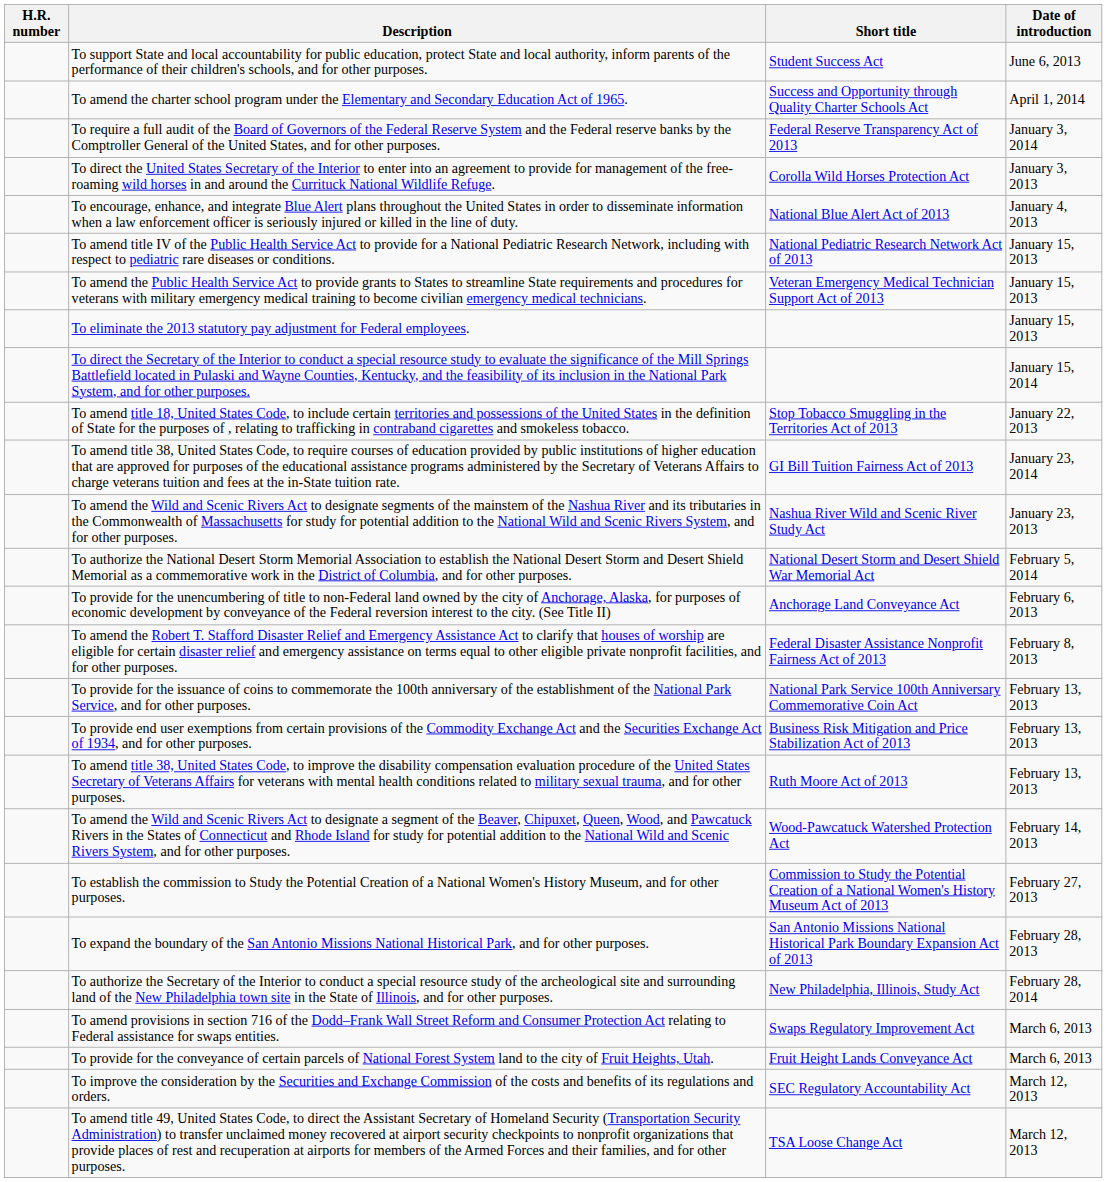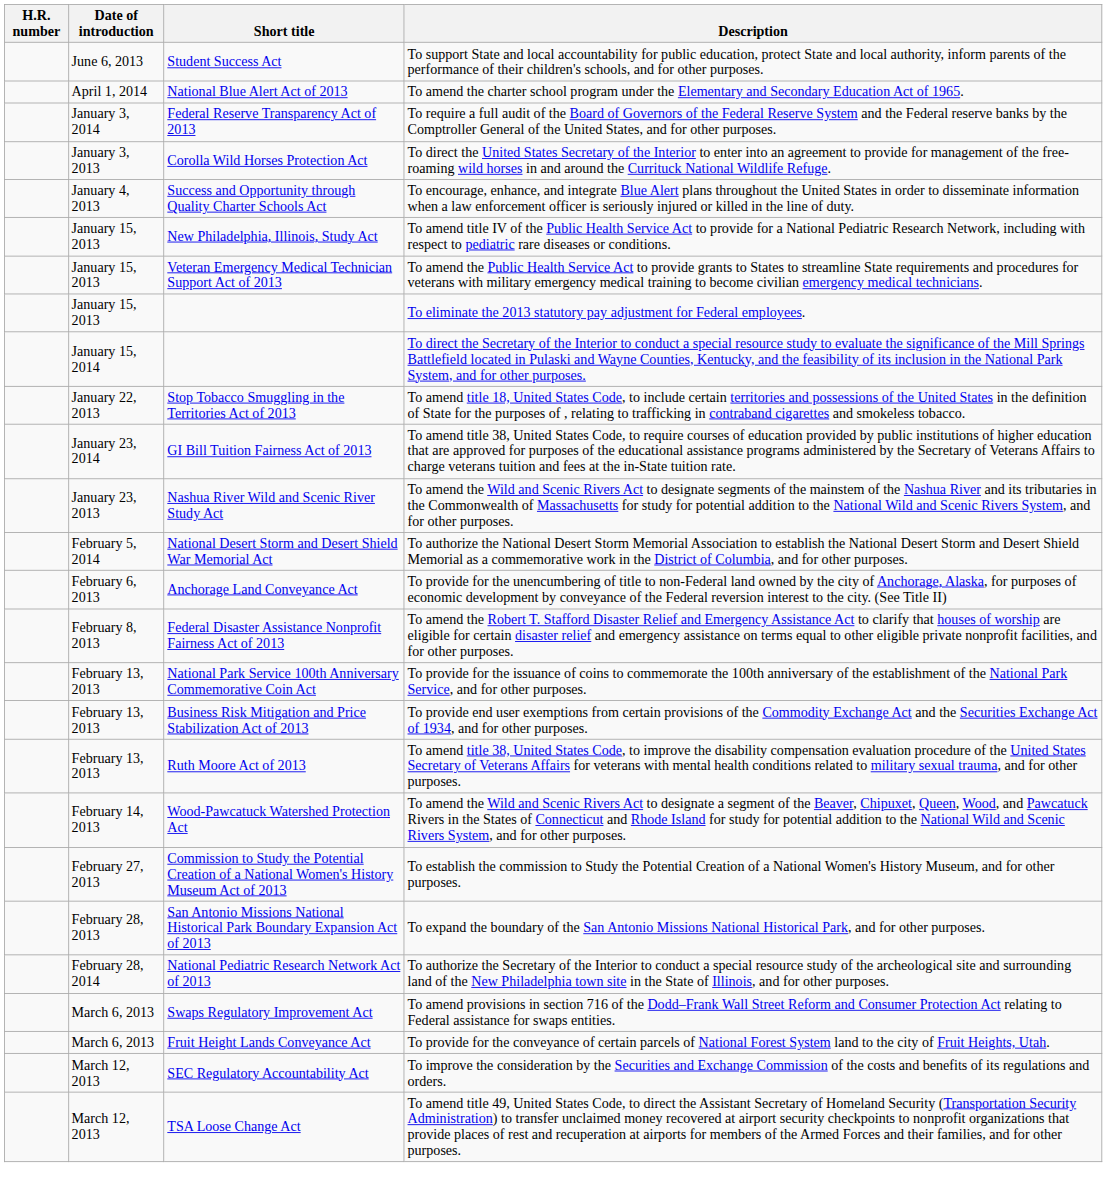 <table class="wikitable">
 <tr valign="bottom">
 <th>H.R. number</th>
+<th>Date of introduction</th>
+<th>Short title</th>
 <th>Description</th>
-<th>Short title</th>
-<th>Date of introduction</th>
 </tr>
 <tr>
 <td></td>
+<td>June 6, 2013</td>
+<td><a href='#'>Student Success Act</a></td>
 <td>To support State and local accountability for public education, protect State and local authority, inform parents of the performance of their children's schools, and for other purposes.</td>
-<td><a href='#'>Student Success Act</a></td>
-<td>June 6, 2013</td>
 </tr>
 <tr>
 <td></td>
+<td>April 1, 2014</td>
+<td><a href='#'>National Blue Alert Act of 2013</a></td>
 <td>To amend the charter school program under the <a href='#'>Elementary and Secondary Education Act of 1965</a>.</td>
-<td><a href='#'>Success and Opportunity through Quality Charter Schools Act</a></td>
-<td>April 1, 2014</td>
 </tr>
 <tr>
 <td></td>
+<td>January 3, 2014</td>
+<td><a href='#'>Federal Reserve Transparency Act of 2013</a></td>
 <td>To require a full audit of the <a href='#'>Board of Governors of the Federal Reserve System</a> and the Federal reserve banks by the Comptroller General of the United States, and for other purposes.</td>
-<td><a href='#'>Federal Reserve Transparency Act of 2013</a></td>
-<td>January 3, 2014</td>
 </tr>
 <tr>
 <td></td>
+<td>January 3, 2013</td>
+<td><a href='#'>Corolla Wild Horses Protection Act</a></td>
 <td>To direct the <a href='#'>United States Secretary of the Interior</a> to enter into an agreement to provide for management of the free-roaming <a href='#'>wild horses</a> in and around the <a href='#'>Currituck National Wildlife Refuge</a>.</td>
-<td><a href='#'>Corolla Wild Horses Protection Act</a></td>
-<td>January 3, 2013</td>
 </tr>
 <tr>
 <td></td>
+<td>January 4, 2013</td>
+<td><a href='#'>Success and Opportunity through Quality Charter Schools Act</a></td>
 <td>To encourage, enhance, and integrate <a href='#'>Blue Alert</a> plans throughout the United States in order to disseminate information when a law enforcement officer is seriously injured or killed in the line of duty.</td>
-<td><a href='#'>National Blue Alert Act of 2013</a></td>
-<td>January 4, 2013</td>
 </tr>
 <tr>
 <td></td>
+<td>January 15, 2013</td>
+<td><a href='#'>New Philadelphia, Illinois, Study Act</a></td>
 <td>To amend title IV of the <a href='#'>Public Health Service Act</a> to provide for a National Pediatric Research Network, including with respect to <a href='#'>pediatric</a> rare diseases or conditions.</td>
-<td><a href='#'>National Pediatric Research Network Act of 2013</a></td>
-<td>January 15, 2013</td>
 </tr>
 <tr>
 <td></td>
+<td>January 15, 2013</td>
+<td><a href='#'>Veteran Emergency Medical Technician Support Act of 2013</a></td>
 <td>To amend the <a href='#'>Public Health Service Act</a> to provide grants to States to streamline State requirements and procedures for veterans with military emergency medical training to become civilian <a href='#'>emergency medical technicians</a>.</td>
-<td><a href='#'>Veteran Emergency Medical Technician Support Act of 2013</a></td>
-<td>January 15, 2013</td>
 </tr>
 <tr>
 <td></td>
+<td>January 15, 2013</td>
+<td></td>
 <td><a href='#'>To eliminate the 2013 statutory pay adjustment for Federal employees</a>.</td>
-<td></td>
-<td>January 15, 2013</td>
 </tr>
 <tr>
 <td></td>
+<td>January 15, 2014</td>
+<td></td>
 <td><a href='#'>To direct the Secretary of the Interior to conduct a special resource study to evaluate the significance of the Mill Springs Battlefield located in Pulaski and Wayne Counties, Kentucky, and the feasibility of its inclusion in the National Park System, and for other purposes.</a></td>
-<td></td>
-<td>January 15, 2014</td>
 </tr>
 <tr>
 <td></td>
+<td>January 22, 2013</td>
+<td><a href='#'>Stop Tobacco Smuggling in the Territories Act of 2013</a></td>
 <td>To amend <a href='#'>title 18, United States Code</a>, to include certain <a href='#'>territories and possessions of the United States</a> in the definition of State for the purposes of , relating to trafficking in <a href='#'>contraband cigarettes</a> and smokeless tobacco.</td>
-<td><a href='#'>Stop Tobacco Smuggling in the Territories Act of 2013</a></td>
-<td>January 22, 2013</td>
 </tr>
 <tr>
 <td></td>
+<td>January 23, 2014</td>
+<td><a href='#'>GI Bill Tuition Fairness Act of 2013</a></td>
 <td>To amend title 38, United States Code, to require courses of education provided by public institutions of higher education that are approved for purposes of the educational assistance programs administered by the Secretary of Veterans Affairs to charge veterans tuition and fees at the in-State tuition rate.</td>
-<td><a href='#'>GI Bill Tuition Fairness Act of 2013</a></td>
-<td>January 23, 2014</td>
 </tr>
 <tr>
 <td></td>
+<td>January 23, 2013</td>
+<td><a href='#'>Nashua River Wild and Scenic River Study Act</a></td>
 <td>To amend the <a href='#'>Wild and Scenic Rivers Act</a> to designate segments of the mainstem of the <a href='#'>Nashua River</a> and its tributaries in the Commonwealth of <a href='#'>Massachusetts</a> for study for potential addition to the <a href='#'>National Wild and Scenic Rivers System</a>, and for other purposes.</td>
-<td><a href='#'>Nashua River Wild and Scenic River Study Act</a></td>
-<td>January 23, 2013</td>
 </tr>
 <tr>
 <td></td>
+<td>February 5, 2014</td>
+<td><a href='#'>National Desert Storm and Desert Shield War Memorial Act</a></td>
 <td>To authorize the National Desert Storm Memorial Association to establish the National Desert Storm and Desert Shield Memorial as a commemorative work in the <a href='#'>District of Columbia</a>, and for other purposes.</td>
-<td><a href='#'>National Desert Storm and Desert Shield War Memorial Act</a></td>
-<td>February 5, 2014</td>
 </tr>
 <tr>
 <td></td>
+<td>February 6, 2013</td>
+<td><a href='#'>Anchorage Land Conveyance Act</a></td>
 <td>To provide for the unencumbering of title to non-Federal land owned by the city of <a href='#'>Anchorage, Alaska</a>, for purposes of economic development by conveyance of the Federal reversion interest to the city. (See Title II)</td>
-<td><a href='#'>Anchorage Land Conveyance Act</a></td>
-<td>February 6, 2013</td>
 </tr>
 <tr>
 <td></td>
+<td>February 8, 2013</td>
+<td><a href='#'>Federal Disaster Assistance Nonprofit Fairness Act of 2013</a></td>
 <td>To amend the <a href='#'>Robert T. Stafford Disaster Relief and Emergency Assistance Act</a> to clarify that <a href='#'>houses of worship</a> are eligible for certain <a href='#'>disaster relief</a> and emergency assistance on terms equal to other eligible private nonprofit facilities, and for other purposes.</td>
-<td><a href='#'>Federal Disaster Assistance Nonprofit Fairness Act of 2013</a></td>
-<td>February 8, 2013</td>
 </tr>
 <tr>
 <td></td>
+<td>February 13, 2013</td>
+<td><a href='#'>National Park Service 100th Anniversary Commemorative Coin Act</a></td>
 <td>To provide for the issuance of coins to commemorate the 100th anniversary of the establishment of the <a href='#'>National Park Service</a>, and for other purposes.</td>
-<td><a href='#'>National Park Service 100th Anniversary Commemorative Coin Act</a></td>
-<td>February 13, 2013</td>
 </tr>
 <tr>
 <td></td>
+<td>February 13, 2013</td>
+<td><a href='#'>Business Risk Mitigation and Price Stabilization Act of 2013</a></td>
 <td>To provide end user exemptions from certain provisions of the <a href='#'>Commodity Exchange Act</a> and the <a href='#'>Securities Exchange Act of 1934</a>, and for other purposes.</td>
-<td><a href='#'>Business Risk Mitigation and Price Stabilization Act of 2013</a></td>
-<td>February 13, 2013</td>
 </tr>
 <tr>
 <td></td>
+<td>February 13, 2013</td>
+<td><a href='#'>Ruth Moore Act of 2013</a></td>
 <td>To amend <a href='#'>title 38, United States Code</a>, to improve the disability compensation evaluation procedure of the <a href='#'>United States Secretary of Veterans Affairs</a> for veterans with mental health conditions related to <a href='#'>military sexual trauma</a>, and for other purposes.</td>
-<td><a href='#'>Ruth Moore Act of 2013</a></td>
-<td>February 13, 2013</td>
 </tr>
 <tr>
 <td></td>
+<td>February 14, 2013</td>
+<td><a href='#'>Wood-Pawcatuck Watershed Protection Act</a></td>
 <td>To amend the <a href='#'>Wild and Scenic Rivers Act</a> to designate a segment of the <a href='#'>Beaver</a>, <a href='#'>Chipuxet</a>, <a href='#'>Queen</a>, <a href='#'>Wood</a>, and <a href='#'>Pawcatuck</a> Rivers in the States of <a href='#'>Connecticut</a> and <a href='#'>Rhode Island</a> for study for potential addition to the <a href='#'>National Wild and Scenic Rivers System</a>, and for other purposes.</td>
-<td><a href='#'>Wood-Pawcatuck Watershed Protection Act</a></td>
-<td>February 14, 2013</td>
 </tr>
 <tr>
 <td></td>
+<td>February 27, 2013</td>
+<td><a href='#'>Commission to Study the Potential Creation of a National Women's History Museum Act of 2013</a></td>
 <td>To establish the commission to Study the Potential Creation of a National Women's History Museum, and for other purposes.</td>
-<td><a href='#'>Commission to Study the Potential Creation of a National Women's History Museum Act of 2013</a></td>
-<td>February 27, 2013</td>
 </tr>
 <tr>
 <td></td>
+<td>February 28, 2013</td>
+<td><a href='#'>San Antonio Missions National Historical Park Boundary Expansion Act of 2013</a></td>
 <td>To expand the boundary of the <a href='#'>San Antonio Missions National Historical Park</a>, and for other purposes.</td>
-<td><a href='#'>San Antonio Missions National Historical Park Boundary Expansion Act of 2013</a></td>
-<td>February 28, 2013</td>
 </tr>
 <tr>
 <td></td>
+<td>February 28, 2014</td>
+<td><a href='#'>National Pediatric Research Network Act of 2013</a></td>
 <td>To authorize the Secretary of the Interior to conduct a special resource study of the archeological site and surrounding land of the <a href='#'>New Philadelphia town site</a> in the State of <a href='#'>Illinois</a>, and for other purposes.</td>
-<td><a href='#'>New Philadelphia, Illinois, Study Act</a></td>
-<td>February 28, 2014</td>
 </tr>
 <tr>
 <td></td>
+<td>March 6, 2013</td>
+<td><a href='#'>Swaps Regulatory Improvement Act</a></td>
 <td>To amend provisions in section 716 of the <a href='#'>Dodd–Frank Wall Street Reform and Consumer Protection Act</a> relating to Federal assistance for swaps entities.</td>
-<td><a href='#'>Swaps Regulatory Improvement Act</a></td>
-<td>March 6, 2013</td>
 </tr>
 <tr>
 <td></td>
+<td>March 6, 2013</td>
+<td><a href='#'>Fruit Height Lands Conveyance Act</a></td>
 <td>To provide for the conveyance of certain parcels of <a href='#'>National Forest System</a> land to the city of <a href='#'>Fruit Heights, Utah</a>.</td>
-<td><a href='#'>Fruit Height Lands Conveyance Act</a></td>
-<td>March 6, 2013</td>
 </tr>
 <tr>
 <td></td>
+<td>March 12, 2013</td>
+<td><a href='#'>SEC Regulatory Accountability Act</a></td>
 <td>To improve the consideration by the <a href='#'>Securities and Exchange Commission</a> of the costs and benefits of its regulations and orders.</td>
-<td><a href='#'>SEC Regulatory Accountability Act</a></td>
-<td>March 12, 2013</td>
 </tr>
 <tr>
 <td></td>
+<td>March 12, 2013</td>
+<td><a href='#'>TSA Loose Change Act</a></td>
 <td>To amend title 49, United States Code, to direct the Assistant Secretary of Homeland Security (<a href='#'>Transportation Security Administration</a>) to transfer unclaimed money recovered at airport security checkpoints to nonprofit organizations that provide places of rest and recuperation at airports for members of the Armed Forces and their families, and for other purposes.</td>
-<td><a href='#'>TSA Loose Change Act</a></td>
-<td>March 12, 2013</td>
 </tr>
 </table>
